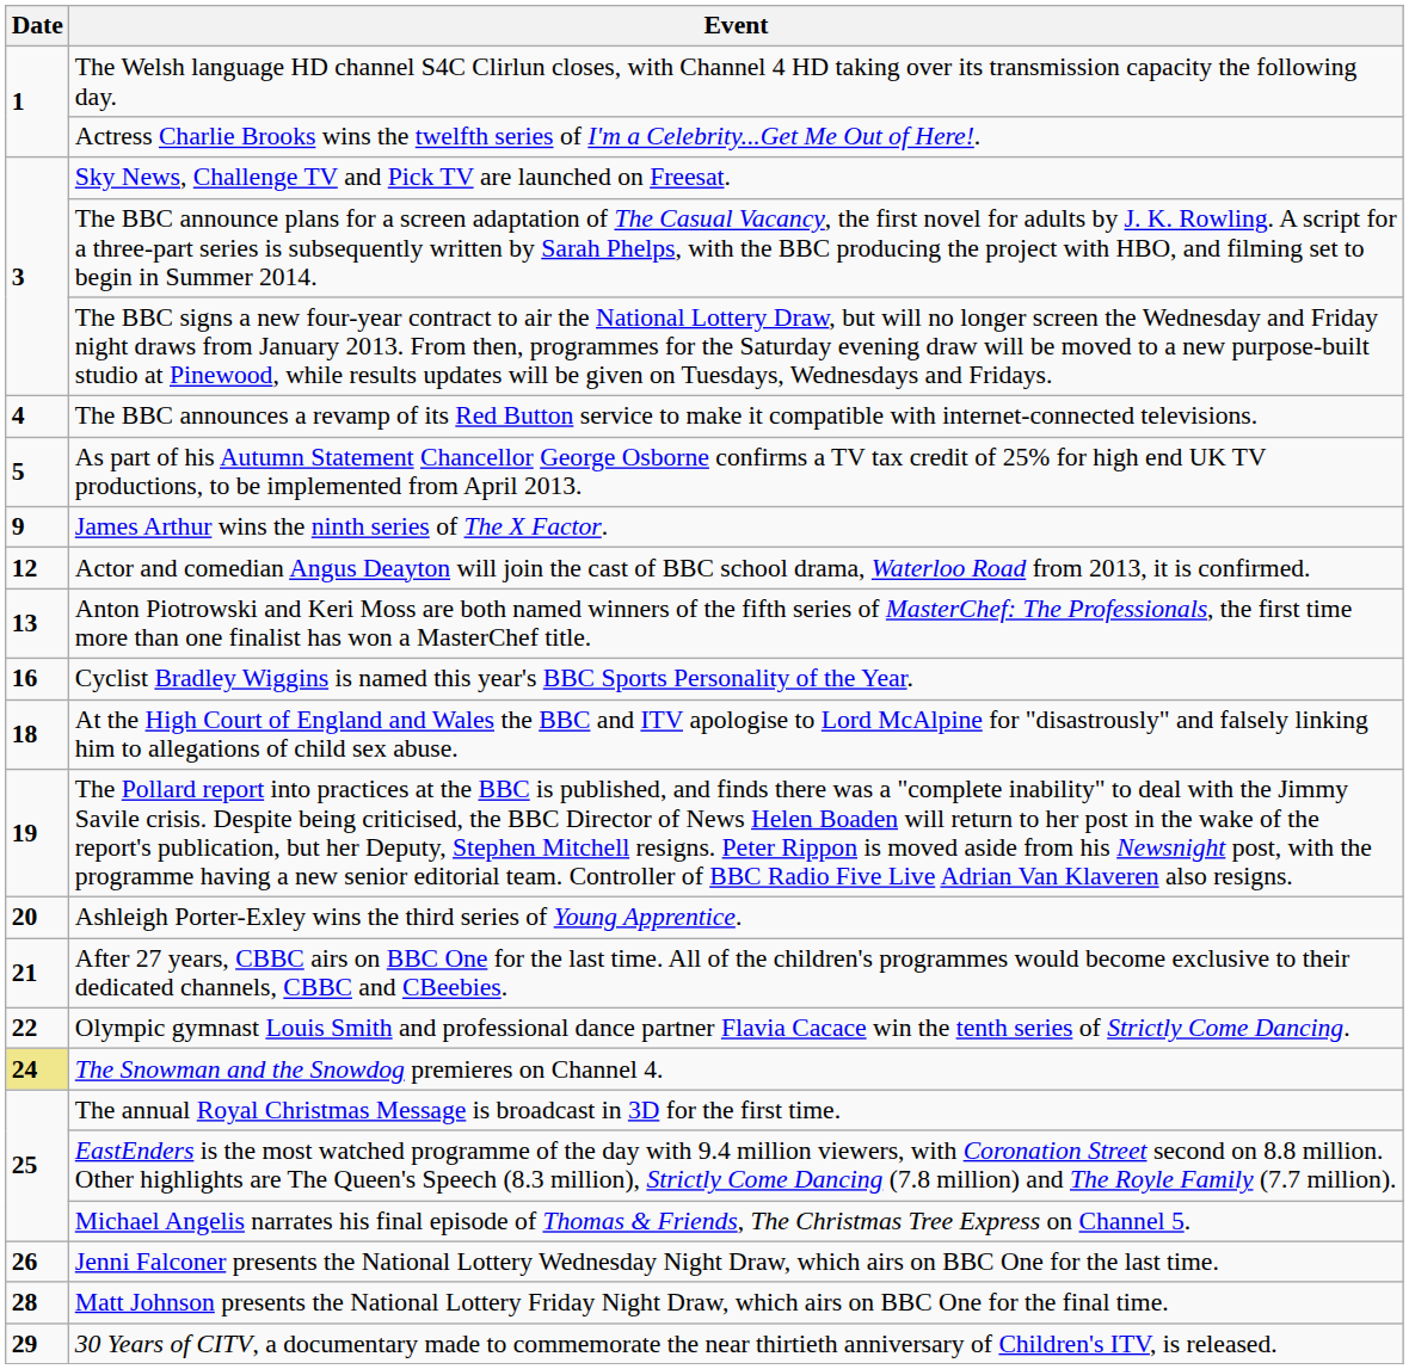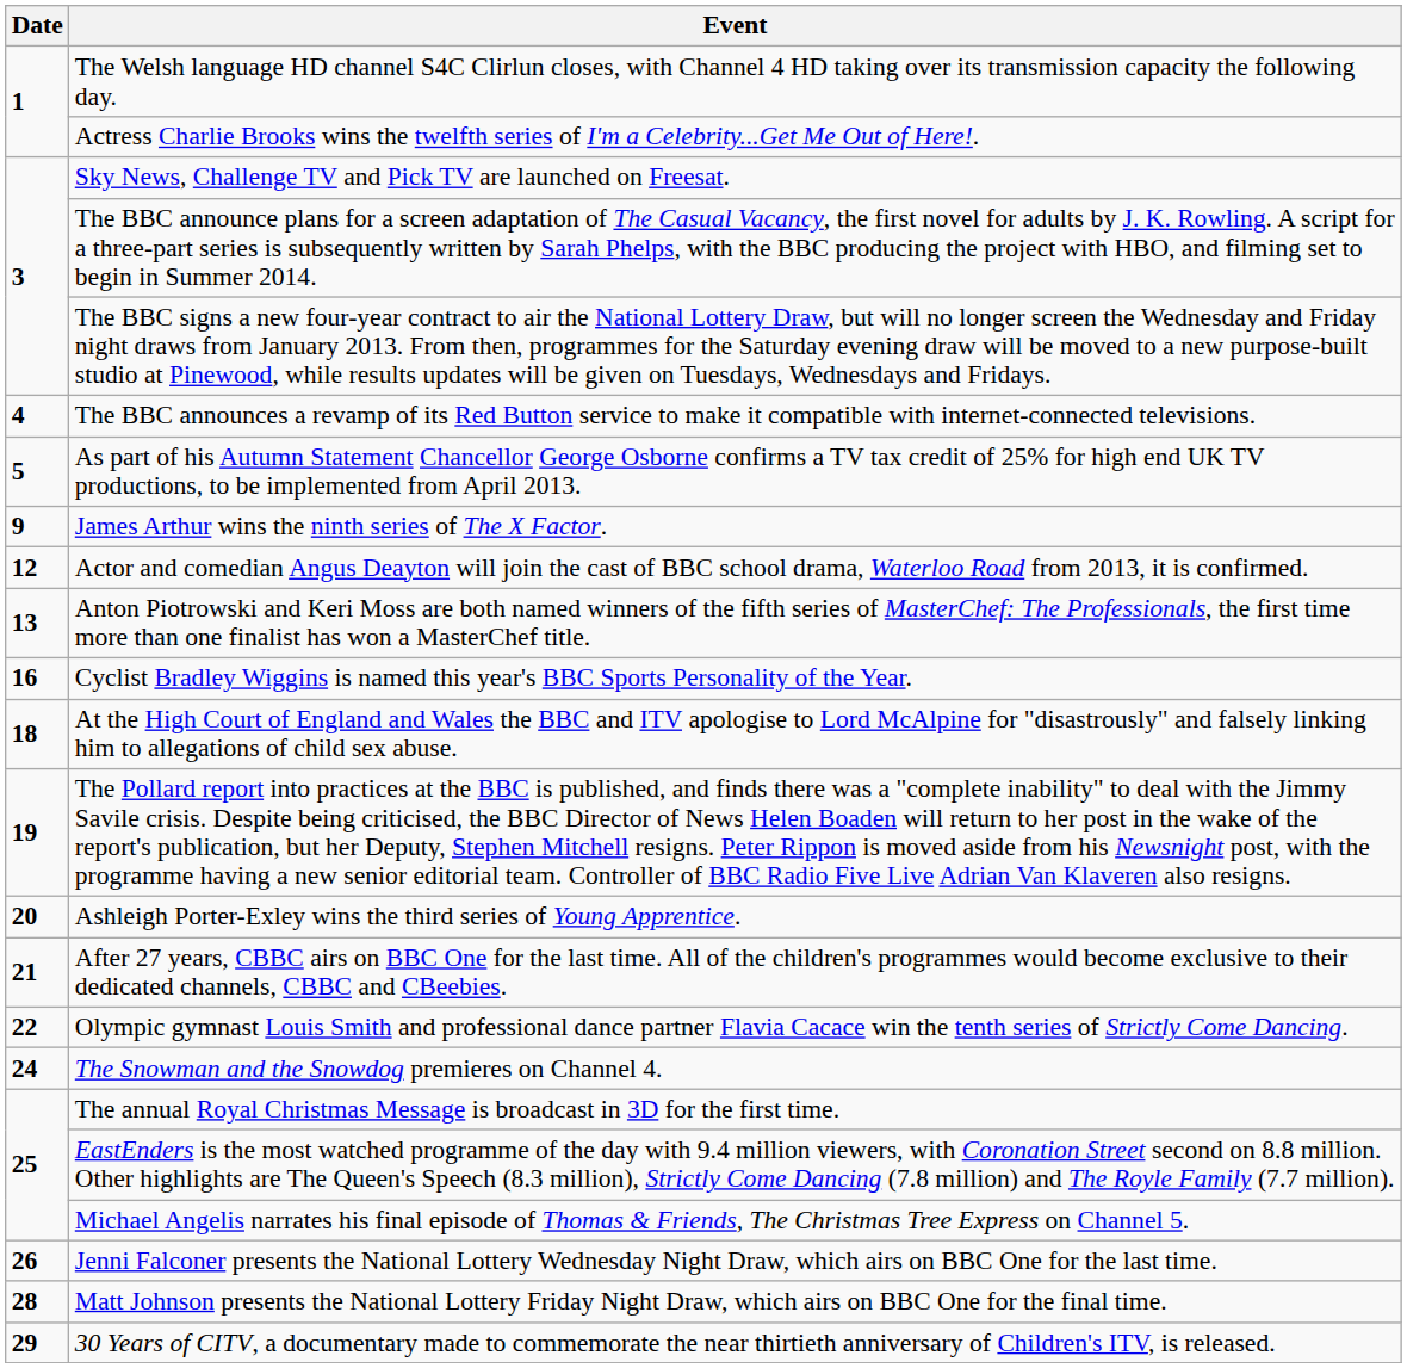 <table class="wikitable">
 <tr>
 <th>Date</th>
 <th>Event</th>
 </tr>
 <tr>
 <td rowspan=2><strong>1</strong></td>
 <td>The Welsh language HD channel S4C Clirlun closes, with Channel 4 HD taking over its transmission capacity the following day.</td>
 </tr>
 <tr>
 <td>Actress <a href='#'>Charlie Brooks</a> wins the <a href='#'>twelfth series</a> of <em><a href='#'>I'm a Celebrity...Get Me Out of Here!</a></em>.</td>
 </tr>
 <tr>
 <td rowspan=3><strong>3</strong></td>
 <td><a href='#'>Sky News</a>, <a href='#'>Challenge TV</a> and <a href='#'>Pick TV</a> are launched on <a href='#'>Freesat</a>.</td>
 </tr>
 <tr>
 <td>The BBC announce plans for a screen adaptation of <em><a href='#'>The Casual Vacancy</a></em>, the first novel for adults by <a href='#'>J. K. Rowling</a>. A script for a three-part series is subsequently written by <a href='#'>Sarah Phelps</a>, with the BBC producing the project with HBO, and filming set to begin in Summer 2014.</td>
 </tr>
 <tr>
 <td>The BBC signs a new four-year contract to air the <a href='#'>National Lottery Draw</a>, but will no longer screen the Wednesday and Friday night draws from January 2013. From then, programmes for the Saturday evening draw will be moved to a new purpose-built studio at <a href='#'>Pinewood</a>, while results updates will be given on Tuesdays, Wednesdays and Fridays.</td>
 </tr>
 <tr>
 <td><strong>4</strong></td>
 <td>The BBC announces a revamp of its <a href='#'>Red Button</a> service to make it compatible with internet-connected televisions.</td>
 </tr>
 <tr>
 <td><strong>5</strong></td>
 <td>As part of his <a href='#'>Autumn Statement</a> <a href='#'>Chancellor</a> <a href='#'>George Osborne</a> confirms a TV tax credit of 25% for high end UK TV productions, to be implemented from April 2013.</td>
 </tr>
 <tr>
 <td><strong>9</strong></td>
 <td><a href='#'>James Arthur</a> wins the <a href='#'>ninth series</a> of <em><a href='#'>The X Factor</a></em>.</td>
 </tr>
 <tr>
 <td><strong>12</strong></td>
 <td>Actor and comedian <a href='#'>Angus Deayton</a> will join the cast of BBC school drama, <em><a href='#'>Waterloo Road</a></em> from 2013, it is confirmed.</td>
 </tr>
 <tr>
 <td><strong>13</strong></td>
 <td>Anton Piotrowski and Keri Moss are both named winners of the fifth series of <em><a href='#'>MasterChef: The Professionals</a></em>, the first time more than one finalist has won a MasterChef title.</td>
 </tr>
 <tr>
 <td><strong>16</strong></td>
 <td>Cyclist <a href='#'>Bradley Wiggins</a> is named this year's <a href='#'>BBC Sports Personality of the Year</a>.</td>
 </tr>
 <tr>
 <td><strong>18</strong></td>
 <td>At the <a href='#'>High Court of England and Wales</a> the <a href='#'>BBC</a> and <a href='#'>ITV</a> apologise to <a href='#'>Lord McAlpine</a> for "disastrously" and falsely linking him to allegations of child sex abuse.</td>
 </tr>
 <tr>
 <td><strong>19</strong></td>
 <td>The <a href='#'>Pollard report</a> into practices at the <a href='#'>BBC</a> is published, and finds there was a "complete inability" to deal with the Jimmy Savile crisis. Despite being criticised, the BBC Director of News <a href='#'>Helen Boaden</a> will return to her post in the wake of the report's publication, but her Deputy, <a href='#'>Stephen Mitchell</a> resigns. <a href='#'>Peter Rippon</a> is moved aside from his <em><a href='#'>Newsnight</a></em> post, with the programme having a new senior editorial team. Controller of <a href='#'>BBC Radio Five Live</a> <a href='#'>Adrian Van Klaveren</a> also resigns.</td>
 </tr>
 <tr>
 <td><strong>20</strong></td>
 <td>Ashleigh Porter-Exley wins the third series of <em><a href='#'>Young Apprentice</a></em>.</td>
 </tr>
 <tr>
 <td><strong>21</strong></td>
 <td>After 27 years, <a href='#'>CBBC</a> airs on <a href='#'>BBC One</a> for the last time. All of the children's programmes would become exclusive to their dedicated channels, <a href='#'>CBBC</a> and <a href='#'>CBeebies</a>.</td>
 </tr>
 <tr>
 <td><strong>22</strong></td>
 <td>Olympic gymnast <a href='#'>Louis Smith</a> and professional dance partner <a href='#'>Flavia Cacace</a> win the <a href='#'>tenth series</a> of <em><a href='#'>Strictly Come Dancing</a></em>.</td>
 </tr>
 <tr>
-<td style="background: khaki;"><strong>24</strong></td>
+<td><strong>24</strong></td>
 <td><em><a href='#'>The Snowman and the Snowdog</a></em> premieres on Channel 4.</td>
 </tr>
 <tr>
 <td rowspan=3><strong>25</strong></td>
 <td>The annual <a href='#'>Royal Christmas Message</a> is broadcast in <a href='#'>3D</a> for the first time.</td>
 </tr>
 <tr>
 <td><em><a href='#'>EastEnders</a></em> is the most watched programme of the day with 9.4 million viewers, with <em><a href='#'>Coronation Street</a></em> second on 8.8 million. Other highlights are The Queen's Speech (8.3 million), <em><a href='#'>Strictly Come Dancing</a></em> (7.8 million) and <em><a href='#'>The Royle Family</a></em> (7.7 million).</td>
 </tr>
 <tr>
 <td><a href='#'>Michael Angelis</a> narrates his final episode of <em><a href='#'>Thomas & Friends</a></em>, <em>The Christmas Tree Express</em> on <a href='#'>Channel 5</a>.</td>
 </tr>
 <tr>
 <td><strong>26</strong></td>
 <td><a href='#'>Jenni Falconer</a> presents the National Lottery Wednesday Night Draw, which airs on BBC One for the last time.</td>
 </tr>
 <tr>
 <td><strong>28</strong></td>
 <td><a href='#'>Matt Johnson</a> presents the National Lottery Friday Night Draw, which airs on BBC One for the final time.</td>
 </tr>
 <tr>
 <td><strong>29</strong></td>
 <td><em>30 Years of CITV</em>, a documentary made to commemorate the near thirtieth anniversary of <a href='#'>Children's ITV</a>, is released.</td>
 </tr>
 </table>
